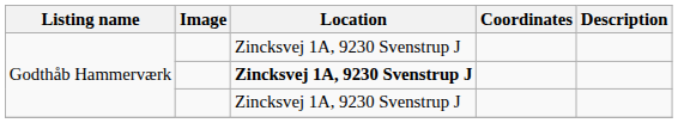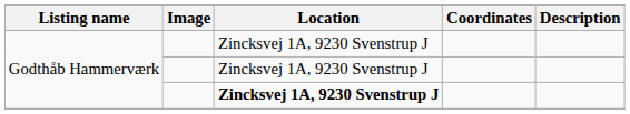 <table class="wikitable sortable">
 <tr>
 <th>Listing name</th>
 <th>Image</th>
 <th>Location</th>
 <th>Coordinates</th>
 <th>Description</th>
 </tr>
 <tr>
 <td rowspan="3">Godthåb Hammerværk</td>
 <td></td>
 <td>Zincksvej 1A, 9230 Svenstrup J</td>
 <td></td>
 <td></td>
 </tr>
 <tr>
 <td></td>
-<td><strong>Zincksvej 1A, 9230 Svenstrup J</strong></td>
+<td>Zincksvej 1A, 9230 Svenstrup J</td>
 <td></td>
 <td></td>
 </tr>
 <tr>
 <td></td>
-<td>Zincksvej 1A, 9230 Svenstrup J</td>
+<td><strong>Zincksvej 1A, 9230 Svenstrup J</strong></td>
 <td></td>
 <td></td>
 </tr>
 <tr>
 </tr>
 </table>
